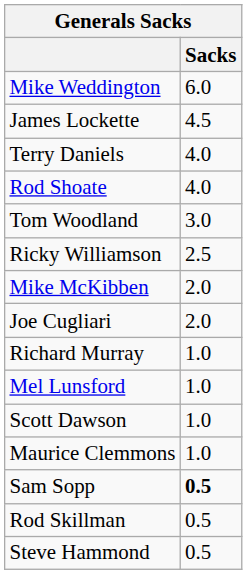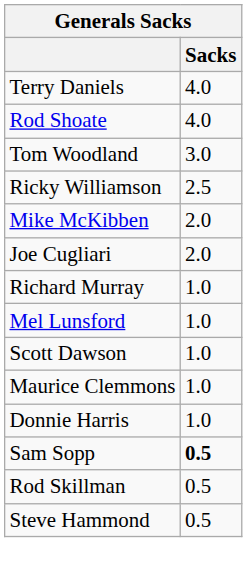 <table class="wikitable">
 <tr>
 <th colspan="2">Generals Sacks</th>
 </tr>
 <tr>
 <th></th>
 <th>Sacks</th>
-</tr>
-<tr>
-<td><a href='#'>Mike Weddington</a></td>
-<td>6.0</td>
-</tr>
-<tr>
-<td>James Lockette</td>
-<td>4.5</td>
 </tr>
 <tr>
 <td>Terry Daniels</td>
 <td>4.0</td>
 </tr>
 <tr>
 <td><a href='#'>Rod Shoate</a></td>
 <td>4.0</td>
 </tr>
 <tr>
 <td>Tom Woodland</td>
 <td>3.0</td>
 </tr>
 <tr>
 <td>Ricky Williamson</td>
 <td>2.5</td>
 </tr>
 <tr>
 <td><a href='#'>Mike McKibben</a></td>
 <td>2.0</td>
 </tr>
 <tr>
 <td>Joe Cugliari</td>
 <td>2.0</td>
 </tr>
 <tr>
 <td>Richard Murray</td>
 <td>1.0</td>
 </tr>
 <tr>
 <td><a href='#'>Mel Lunsford</a></td>
 <td>1.0</td>
 </tr>
 <tr>
 <td>Scott Dawson</td>
 <td>1.0</td>
 </tr>
 <tr>
 <td>Maurice Clemmons</td>
 <td>1.0</td>
 </tr>
 <tr>
+<td>Donnie Harris</td>
+<td>1.0</td>
+</tr>
+<tr>
 <td>Sam Sopp</td>
 <td><strong>0.5</strong></td>
 </tr>
 <tr>
 <td>Rod Skillman</td>
 <td>0.5</td>
 </tr>
 <tr>
 <td>Steve Hammond</td>
 <td>0.5</td>
 </tr>
 </table>
